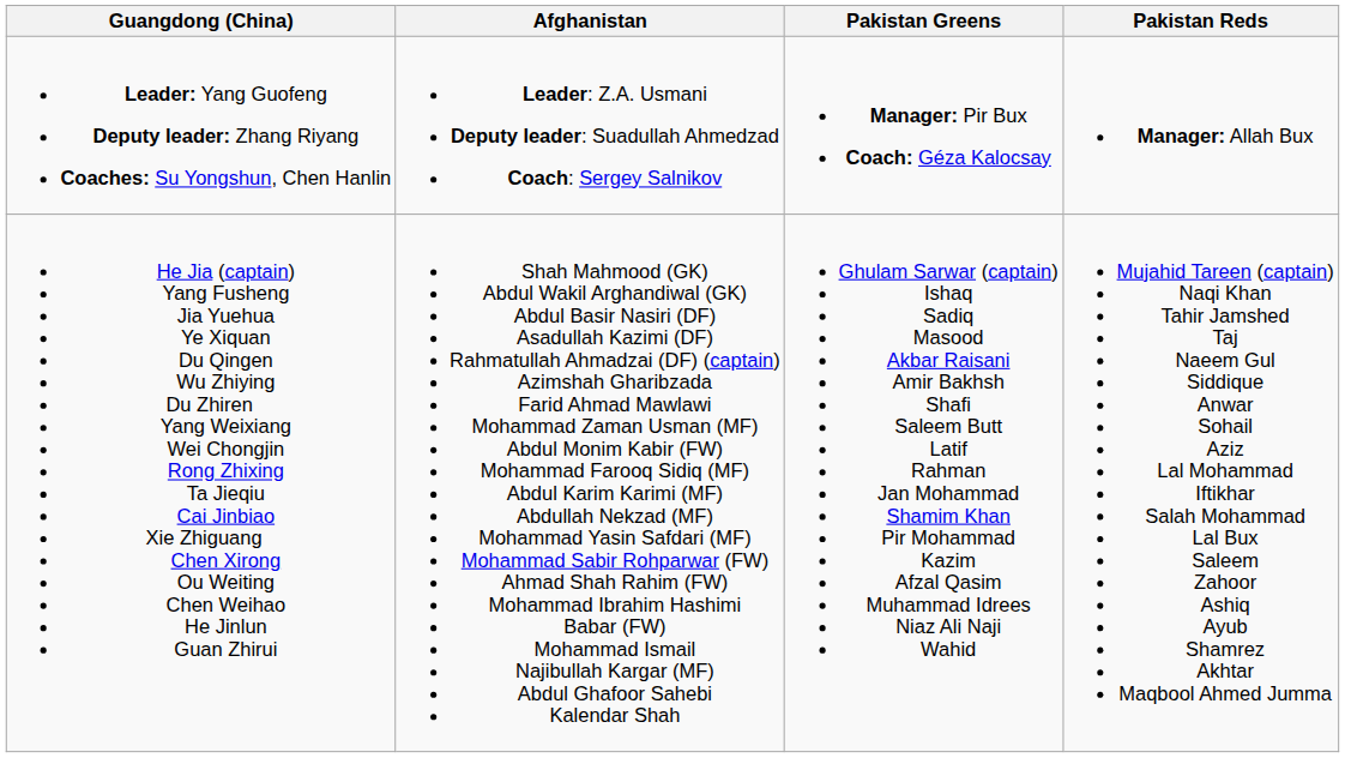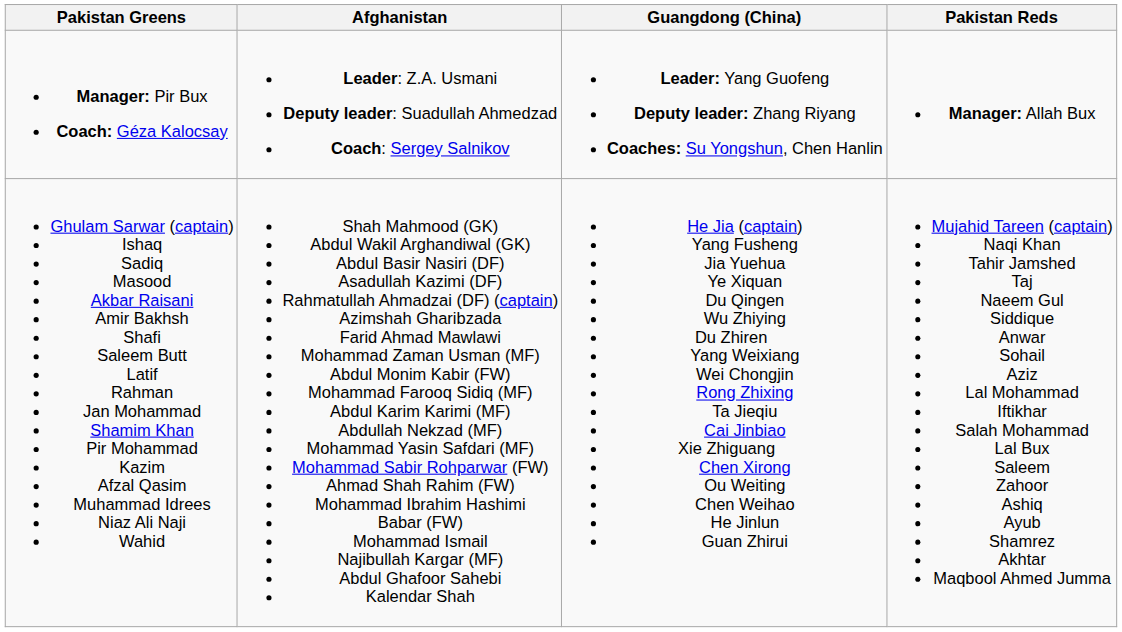 <table class="wikitable" style="text-align:center; margin:auto">
 <tr>
+<th colspan="">Pakistan Greens</th>
+<th colspan="">Afghanistan</th>
 <th colspan>Guangdong (China)</th>
-<th colspan="">Afghanistan</th>
-<th colspan="">Pakistan Greens</th>
 <th>Pakistan Reds</th>
 </tr>
 <tr>
+<td><br><ul><li><strong>Manager:</strong> Pir Bux</li></ul><ul><li><strong>Coach:</strong> <a href='#'>Géza Kalocsay</a></li></ul></td>
+<td><br><ul><li><strong>Leader</strong>: Z.A. Usmani</li></ul><ul><li><strong>Deputy leader</strong>: Suadullah Ahmedzad</li></ul><ul><li><strong>Coach</strong>: <a href='#'>Sergey Salnikov</a></li></ul></td>
 <td><br><ul><li><strong>Leader:</strong> Yang Guofeng</li></ul><ul><li><strong>Deputy leader:</strong> Zhang Riyang</li></ul><ul><li><strong>Coaches:</strong> <a href='#'>Su Yongshun</a>, Chen Hanlin</li></ul></td>
-<td><br><ul><li><strong>Leader</strong>: Z.A. Usmani</li></ul><ul><li><strong>Deputy leader</strong>: Suadullah Ahmedzad</li></ul><ul><li><strong>Coach</strong>: <a href='#'>Sergey Salnikov</a></li></ul></td>
-<td><br><ul><li><strong>Manager:</strong> Pir Bux</li></ul><ul><li><strong>Coach:</strong> <a href='#'>Géza Kalocsay</a></li></ul></td>
 <td><br><ul><li><strong>Manager:</strong> Allah Bux</li></ul></td>
 </tr>
 <tr style="vertical-align:top">
+<td><br><ul><li><a href='#'>Ghulam Sarwar</a> (<a href='#'>captain</a>)</li><li>Ishaq</li><li>Sadiq</li><li>Masood</li><li><a href='#'>Akbar Raisani</a></li><li>Amir Bakhsh</li><li>Shafi</li><li>Saleem Butt</li><li>Latif</li><li>Rahman</li><li>Jan Mohammad</li><li><a href='#'>Shamim Khan</a></li><li>Pir Mohammad</li><li>Kazim</li><li>Afzal Qasim</li><li>Muhammad Idrees</li><li>Niaz Ali Naji</li><li>Wahid</li></ul></td>
+<td><br><ul><li>Shah Mahmood (GK)</li><li>Abdul Wakil Arghandiwal (GK)</li><li>Abdul Basir Nasiri (DF)</li><li>Asadullah Kazimi (DF)</li><li>Rahmatullah Ahmadzai (DF) (<a href='#'>captain</a>)</li><li>Azimshah Gharibzada</li><li>Farid Ahmad Mawlawi</li><li>Mohammad Zaman Usman (MF)</li><li>Abdul Monim Kabir (FW)</li><li>Mohammad Farooq Sidiq (MF)</li><li>Abdul Karim Karimi (MF)</li><li>Abdullah Nekzad (MF)</li><li>Mohammad Yasin Safdari (MF)</li><li><a href='#'>Mohammad Sabir Rohparwar</a> (FW)</li><li>Ahmad Shah Rahim (FW)</li><li>Mohammad Ibrahim Hashimi</li><li>Babar (FW)</li><li>Mohammad Ismail</li><li>Najibullah Kargar (MF)</li><li>Abdul Ghafoor Sahebi</li><li>Kalendar Shah</li></ul></td>
 <td><br><ul><li><a href='#'>He Jia</a> (<a href='#'>captain</a>)</li><li>Yang Fusheng</li><li>Jia Yuehua</li><li>Ye Xiquan</li><li>Du Qingen</li><li>Wu Zhiying</li><li>Du Zhiren      </li><li>Yang Weixiang</li><li>Wei Chongjin</li><li><a href='#'>Rong Zhixing</a></li><li>Ta Jieqiu</li><li><a href='#'>Cai Jinbiao</a></li><li>Xie Zhiguang        </li><li><a href='#'>Chen Xirong</a></li><li>Ou Weiting</li><li>Chen Weihao</li><li>He Jinlun</li><li>Guan Zhirui</li></ul></td>
-<td><br><ul><li>Shah Mahmood (GK)</li><li>Abdul Wakil Arghandiwal (GK)</li><li>Abdul Basir Nasiri (DF)</li><li>Asadullah Kazimi (DF)</li><li>Rahmatullah Ahmadzai (DF) (<a href='#'>captain</a>)</li><li>Azimshah Gharibzada</li><li>Farid Ahmad Mawlawi</li><li>Mohammad Zaman Usman (MF)</li><li>Abdul Monim Kabir (FW)</li><li>Mohammad Farooq Sidiq (MF)</li><li>Abdul Karim Karimi (MF)</li><li>Abdullah Nekzad (MF)</li><li>Mohammad Yasin Safdari (MF)</li><li><a href='#'>Mohammad Sabir Rohparwar</a> (FW)</li><li>Ahmad Shah Rahim (FW)</li><li>Mohammad Ibrahim Hashimi</li><li>Babar (FW)</li><li>Mohammad Ismail</li><li>Najibullah Kargar (MF)</li><li>Abdul Ghafoor Sahebi</li><li>Kalendar Shah</li></ul></td>
-<td><br><ul><li><a href='#'>Ghulam Sarwar</a> (<a href='#'>captain</a>)</li><li>Ishaq</li><li>Sadiq</li><li>Masood</li><li><a href='#'>Akbar Raisani</a></li><li>Amir Bakhsh</li><li>Shafi</li><li>Saleem Butt</li><li>Latif</li><li>Rahman</li><li>Jan Mohammad</li><li><a href='#'>Shamim Khan</a></li><li>Pir Mohammad</li><li>Kazim</li><li>Afzal Qasim</li><li>Muhammad Idrees</li><li>Niaz Ali Naji</li><li>Wahid</li></ul></td>
 <td><br><ul><li><a href='#'>Mujahid Tareen</a> (<a href='#'>captain</a>)</li><li>Naqi Khan</li><li>Tahir Jamshed</li><li>Taj</li><li>Naeem Gul</li><li>Siddique</li><li>Anwar</li><li>Sohail</li><li>Aziz</li><li>Lal Mohammad</li><li>Iftikhar</li><li>Salah Mohammad</li><li>Lal Bux</li><li>Saleem</li><li>Zahoor</li><li>Ashiq</li><li>Ayub</li><li>Shamrez</li><li>Akhtar</li><li>Maqbool Ahmed Jumma</li></ul></td>
 </tr>
 </table>
